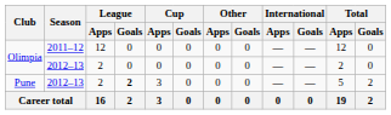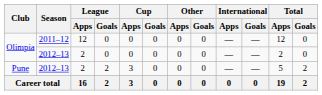 <table class="wikitable" style="font-size:90%; text-align:center;">
 <tr>
 <th rowspan="2">Club</th>
 <th rowspan="2">Season</th>
 <th colspan="2">League</th>
 <th colspan="2">Cup</th>
 <th colspan="2">Other</th>
 <th colspan="2">International</th>
 <th colspan="2">Total</th>
 </tr>
 <tr>
 <th>Apps</th>
 <th>Goals</th>
 <th>Apps</th>
 <th>Goals</th>
 <th>Apps</th>
 <th>Goals</th>
 <th>Apps</th>
 <th>Goals</th>
 <th>Apps</th>
 <th>Goals</th>
 </tr>
 <tr>
 <td rowspan="2"><a href='#'>Olimpia</a></td>
 <td><a href='#'>2011–12</a></td>
 <td>12</td>
 <td>0</td>
 <td>0</td>
 <td>0</td>
 <td>0</td>
 <td>0</td>
 <td>—</td>
 <td>—</td>
 <td>12</td>
 <td>0</td>
 </tr>
 <tr>
 <td><a href='#'>2012–13</a></td>
 <td>2</td>
 <td>0</td>
 <td>0</td>
 <td>0</td>
 <td>0</td>
 <td>0</td>
 <td>—</td>
 <td>—</td>
 <td>2</td>
 <td>0</td>
 </tr>
 <tr>
 <td rowspan="1"><a href='#'>Pune</a></td>
 <td><a href='#'>2012–13</a></td>
 <td>2</td>
-<td><strong>2</strong></td>
+<td>2</td>
 <td>3</td>
 <td>0</td>
 <td>0</td>
 <td>0</td>
 <td>—</td>
 <td>—</td>
 <td>5</td>
 <td>2</td>
 </tr>
 <tr>
 <th colspan="2">Career total</th>
 <th>16</th>
 <th>2</th>
 <th>3</th>
 <th>0</th>
 <th>0</th>
 <th>0</th>
 <th>0</th>
 <th>0</th>
 <th>19</th>
 <th>2</th>
 </tr>
 </table>
